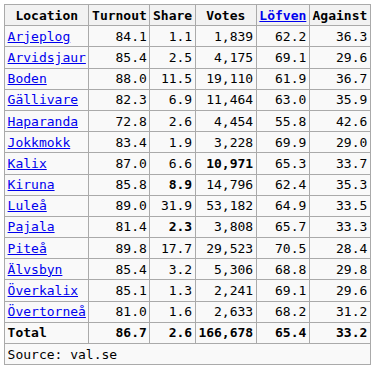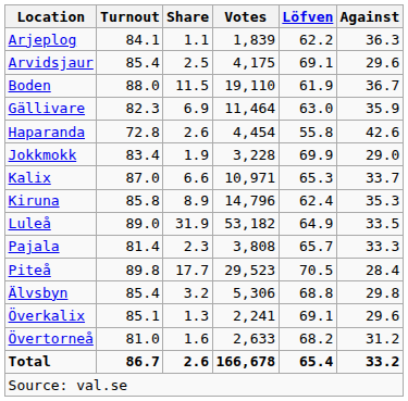 <table class="wikitable sortable" style=text-align:right>
 <tr>
 <th>Location</th>
 <th>Turnout</th>
 <th>Share</th>
 <th>Votes</th>
 <th><a href='#'>Löfven</a></th>
 <th>Against</th>
 </tr>
 <tr>
 <td align=left><a href='#'>Arjeplog</a></td>
 <td>84.1</td>
 <td>1.1</td>
 <td>1,839</td>
 <td>62.2</td>
 <td>36.3</td>
 </tr>
 <tr>
 <td align=left><a href='#'>Arvidsjaur</a></td>
 <td>85.4</td>
 <td>2.5</td>
 <td>4,175</td>
 <td>69.1</td>
 <td>29.6</td>
 </tr>
 <tr>
 <td align=left><a href='#'>Boden</a></td>
 <td>88.0</td>
 <td>11.5</td>
 <td>19,110</td>
 <td>61.9</td>
 <td>36.7</td>
 </tr>
 <tr>
 <td align=left><a href='#'>Gällivare</a></td>
 <td>82.3</td>
 <td>6.9</td>
 <td>11,464</td>
 <td>63.0</td>
 <td>35.9</td>
 </tr>
 <tr>
 <td align=left><a href='#'>Haparanda</a></td>
 <td>72.8</td>
 <td>2.6</td>
 <td>4,454</td>
 <td>55.8</td>
 <td>42.6</td>
 </tr>
 <tr>
 <td align=left><a href='#'>Jokkmokk</a></td>
 <td>83.4</td>
 <td>1.9</td>
 <td>3,228</td>
 <td>69.9</td>
 <td>29.0</td>
 </tr>
 <tr>
 <td align=left><a href='#'>Kalix</a></td>
 <td>87.0</td>
 <td>6.6</td>
-<td><strong>10,971</strong></td>
+<td>10,971</td>
 <td>65.3</td>
 <td>33.7</td>
 </tr>
 <tr>
 <td align=left><a href='#'>Kiruna</a></td>
 <td>85.8</td>
-<td><strong>8.9</strong></td>
+<td>8.9</td>
 <td>14,796</td>
 <td>62.4</td>
 <td>35.3</td>
 </tr>
 <tr>
 <td align=left><a href='#'>Luleå</a></td>
 <td>89.0</td>
 <td>31.9</td>
 <td>53,182</td>
 <td>64.9</td>
 <td>33.5</td>
 </tr>
 <tr>
 <td align=left><a href='#'>Pajala</a></td>
 <td>81.4</td>
-<td><strong>2.3</strong></td>
+<td>2.3</td>
 <td>3,808</td>
 <td>65.7</td>
 <td>33.3</td>
 </tr>
 <tr>
 <td align=left><a href='#'>Piteå</a></td>
 <td>89.8</td>
 <td>17.7</td>
 <td>29,523</td>
 <td>70.5</td>
 <td>28.4</td>
 </tr>
 <tr>
 <td align=left><a href='#'>Älvsbyn</a></td>
 <td>85.4</td>
 <td>3.2</td>
 <td>5,306</td>
 <td>68.8</td>
 <td>29.8</td>
 </tr>
 <tr>
 <td align=left><a href='#'>Överkalix</a></td>
 <td>85.1</td>
 <td>1.3</td>
 <td>2,241</td>
 <td>69.1</td>
 <td>29.6</td>
 </tr>
 <tr>
 <td align=left><a href='#'>Övertorneå</a></td>
 <td>81.0</td>
 <td>1.6</td>
 <td>2,633</td>
 <td>68.2</td>
 <td>31.2</td>
 </tr>
 <tr>
 <td align=left><strong>Total</strong></td>
 <td><strong>86.7</strong></td>
 <td><strong>2.6</strong></td>
 <td><strong>166,678</strong></td>
 <td><strong>65.4</strong></td>
 <td><strong>33.2</strong></td>
 </tr>
 <tr>
 <td align=left colspan=6>Source: val.se</td>
 </tr>
 </table>
